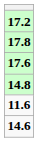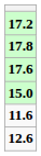 <table class="wikitable" style="text-align: center;">
 <tr>
 <th></th>
 </tr>
 <tr>
 <td style="background:#ccffcc;"><strong>17.2</strong></td>
 </tr>
 <tr>
 <td style="background:#ccffcc;"><strong>17.8</strong></td>
 </tr>
 <tr>
 <td style="background:#ccffcc;"><strong>17.6</strong></td>
 </tr>
 <tr>
-<td style="background:#ccffcc;"><strong>14.8</strong></td>
+<td style="background:#ccffcc;"><strong>15.0</strong></td>
 </tr>
 <tr>
 <td><strong>11.6</strong></td>
 </tr>
 <tr>
-<td><strong>14.6</strong></td>
+<td><strong>12.6</strong></td>
 </tr>
 </table>
